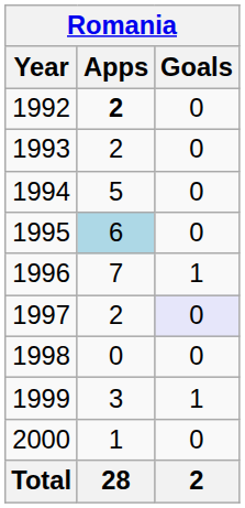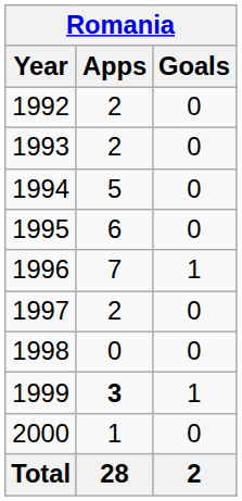 <table class="wikitable" style="text-align:center">
 <tr>
 <th colspan=3><a href='#'>Romania</a></th>
 </tr>
 <tr>
 <th>Year</th>
 <th>Apps</th>
 <th>Goals</th>
 </tr>
 <tr>
 <td>1992</td>
-<td><strong>2</strong></td>
+<td>2</td>
 <td>0</td>
 </tr>
 <tr>
 <td>1993</td>
 <td>2</td>
 <td>0</td>
 </tr>
 <tr>
 <td>1994</td>
 <td>5</td>
 <td>0</td>
 </tr>
 <tr>
 <td>1995</td>
-<td style="background: lightblue;">6</td>
+<td>6</td>
 <td>0</td>
 </tr>
 <tr>
 <td>1996</td>
 <td>7</td>
 <td>1</td>
 </tr>
 <tr>
 <td>1997</td>
 <td>2</td>
-<td style="background: lavender;">0</td>
+<td>0</td>
 </tr>
 <tr>
 <td>1998</td>
 <td>0</td>
 <td>0</td>
 </tr>
 <tr>
 <td>1999</td>
-<td>3</td>
+<td><strong>3</strong></td>
 <td>1</td>
 </tr>
 <tr>
 <td>2000</td>
 <td>1</td>
 <td>0</td>
 </tr>
 <tr>
 <th>Total</th>
 <th>28</th>
 <th>2</th>
 </tr>
 </table>
